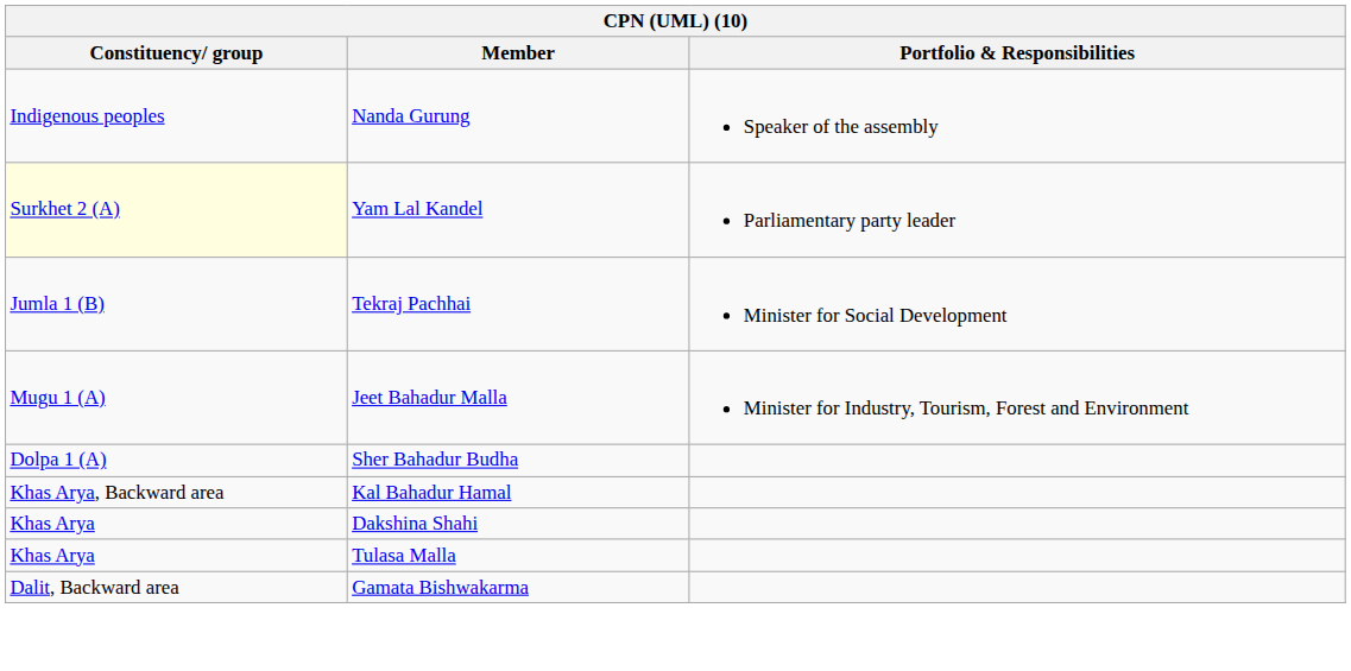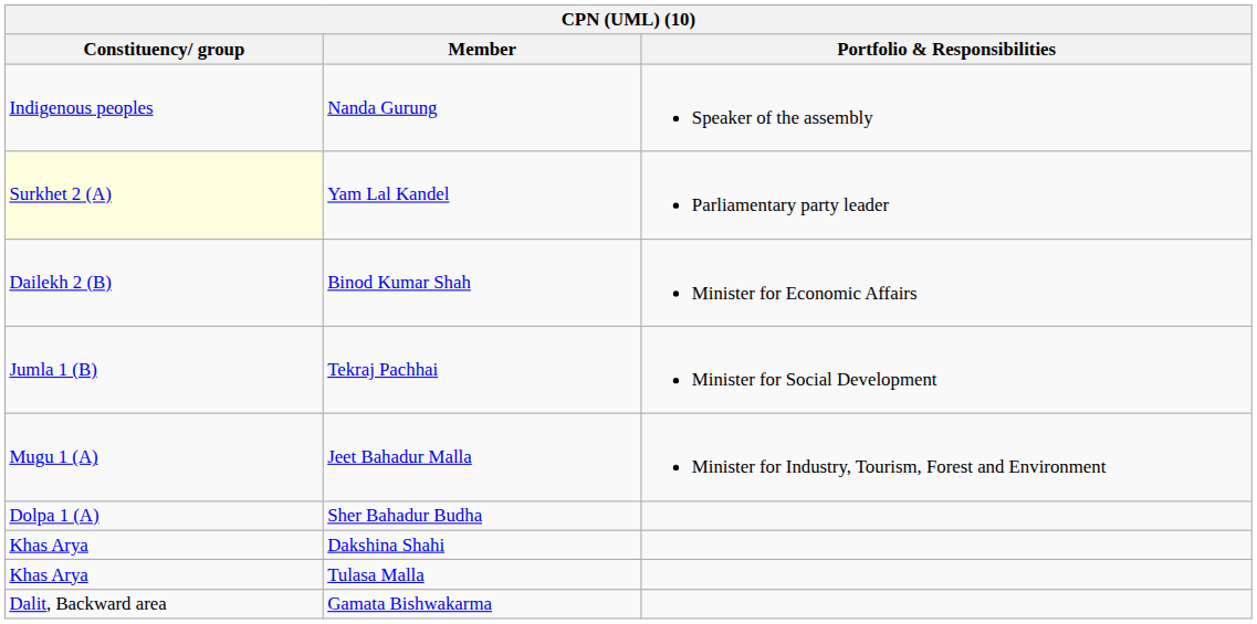 <table class="wikitable sortable mw-collapsible mw-collapsed">
 <tr>
 <th colspan="3" style="width: 800pt; background:">CPN (UML) (10)</th>
 </tr>
 <tr>
 <th style="width:200pt;">Constituency/ group</th>
 <th style="width:200pt;">Member</th>
 <th>Portfolio & Responsibilities</th>
 </tr>
 <tr>
 <td><a href='#'>Indigenous peoples</a></td>
 <td><a href='#'>Nanda Gurung</a></td>
 <td><br><ul><li>Speaker of the assembly</li></ul></td>
 </tr>
 <tr>
 <td style="background: lightyellow;"><a href='#'>Surkhet 2 (A)</a></td>
 <td><a href='#'>Yam Lal Kandel</a></td>
 <td><br><ul><li>Parliamentary party leader</li></ul></td>
 </tr>
 <tr>
+<td><a href='#'>Dailekh 2 (B)</a></td>
+<td><a href='#'>Binod Kumar Shah</a></td>
+<td><br><ul><li>Minister for Economic Affairs</li></ul></td>
+</tr>
+<tr>
 <td><a href='#'>Jumla 1 (B)</a></td>
 <td><a href='#'>Tekraj Pachhai</a></td>
 <td><br><ul><li>Minister for Social Development</li></ul></td>
 </tr>
 <tr>
 <td><a href='#'>Mugu 1 (A)</a></td>
 <td><a href='#'>Jeet Bahadur Malla</a></td>
 <td><br><ul><li>Minister for Industry, Tourism, Forest and Environment</li></ul></td>
 </tr>
 <tr>
 <td><a href='#'>Dolpa 1 (A)</a></td>
 <td><a href='#'>Sher Bahadur Budha</a></td>
-<td></td>
-</tr>
-<tr>
-<td><a href='#'>Khas Arya</a>, Backward area</td>
-<td><a href='#'>Kal Bahadur Hamal</a></td>
 <td></td>
 </tr>
 <tr>
 <td><a href='#'>Khas Arya</a></td>
 <td><a href='#'>Dakshina Shahi</a></td>
 <td></td>
 </tr>
 <tr>
 <td><a href='#'>Khas Arya</a></td>
 <td><a href='#'>Tulasa Malla</a></td>
 <td></td>
 </tr>
 <tr>
 <td><a href='#'>Dalit</a>, Backward area</td>
 <td><a href='#'>Gamata Bishwakarma</a></td>
 <td></td>
 </tr>
 </table>
